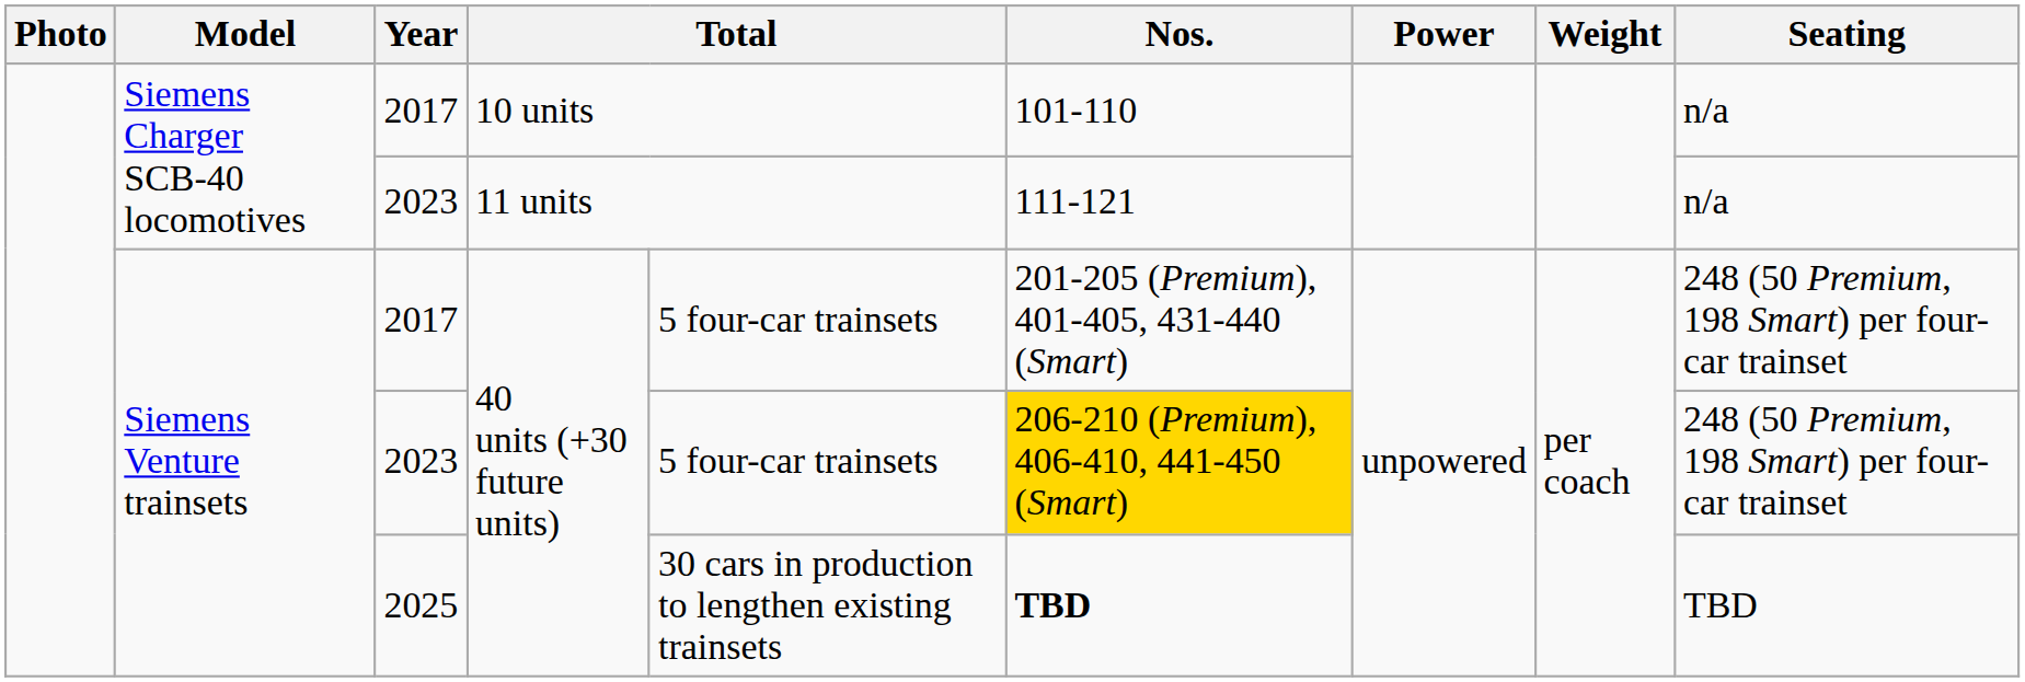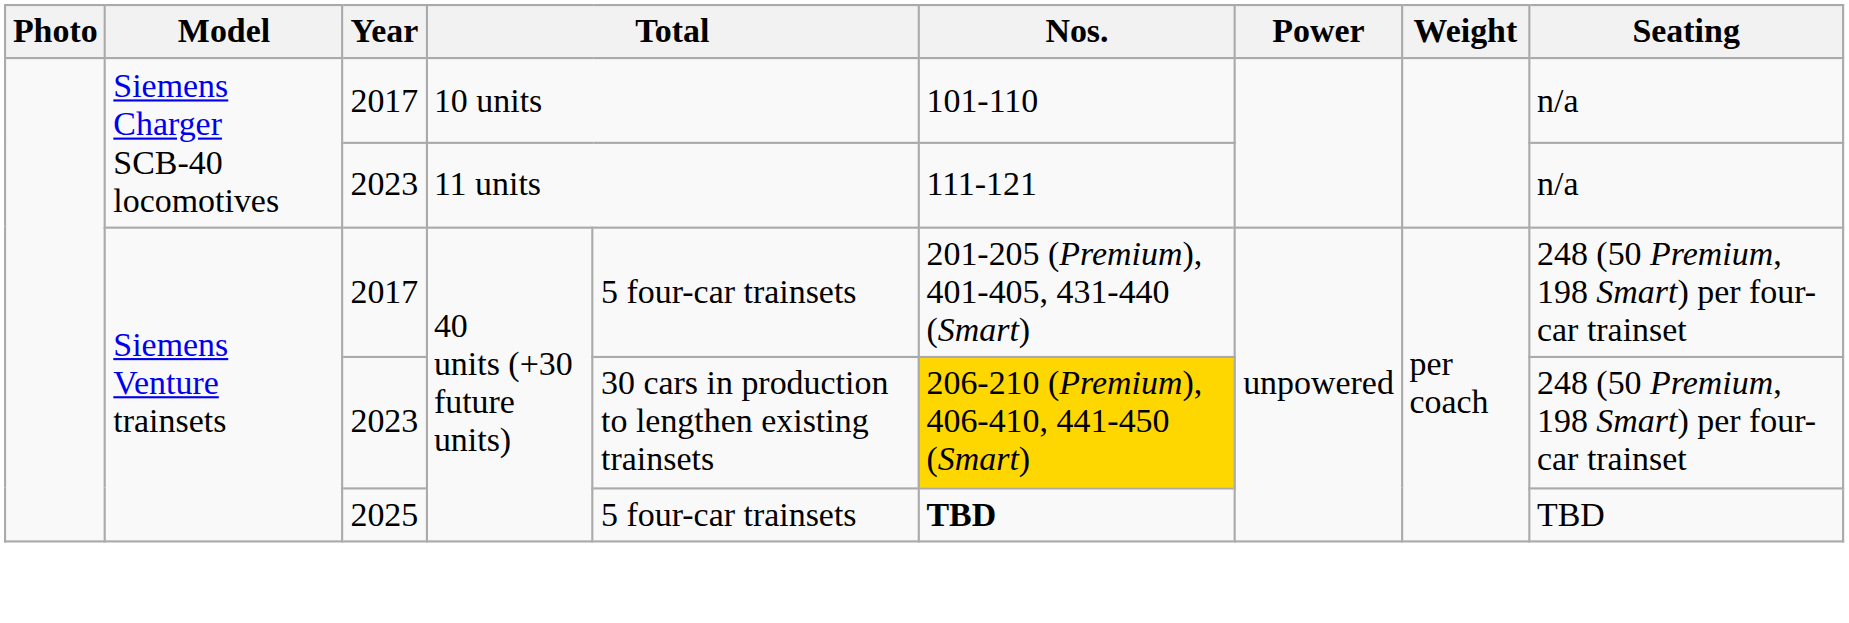 <table class="wikitable">
 <tr>
 <th>Photo</th>
 <th>Model</th>
 <th>Year</th>
 <th colspan="2">Total</th>
 <th>Nos.</th>
 <th>Power</th>
 <th>Weight</th>
 <th>Seating</th>
 </tr>
 <tr>
 <td rowspan="5"></td>
 <td rowspan="2"><a href='#'>Siemens Charger</a><br>SCB-40 locomotives</td>
 <td>2017</td>
 <td colspan="2">10 units</td>
 <td>101-110</td>
 <td rowspan="2"></td>
 <td rowspan="2"></td>
 <td>n/a</td>
 </tr>
 <tr>
 <td>2023</td>
 <td colspan="2">11 units</td>
 <td>111-121</td>
 <td>n/a</td>
 </tr>
 <tr>
 <td rowspan="3"><a href='#'>Siemens Venture</a> trainsets</td>
 <td>2017</td>
 <td rowspan="3">40<br>units  (+30 future units)</td>
 <td>5 four-car trainsets</td>
 <td>201-205 (<em>Premium</em>), 401-405, 431-440 (<em>Smart</em>)</td>
 <td rowspan="3">unpowered</td>
 <td rowspan="3"> per coach</td>
 <td>248 (50 <em>Premium</em>, 198 <em>Smart</em>) per four-car trainset</td>
 </tr>
 <tr>
 <td>2023</td>
-<td>5 four-car trainsets</td>
+<td>30 cars in production to lengthen existing trainsets</td>
 <td style="background: gold;">206-210 (<em>Premium</em>), 406-410, 441-450 (<em>Smart</em>)</td>
 <td>248 (50 <em>Premium</em>, 198 <em>Smart</em>) per four-car trainset</td>
 </tr>
 <tr>
 <td>2025</td>
-<td>30 cars in production to lengthen existing trainsets</td>
+<td>5 four-car trainsets</td>
 <td><strong>TBD</strong></td>
 <td>TBD</td>
 </tr>
 </table>
